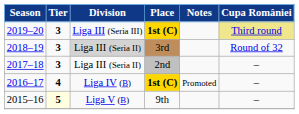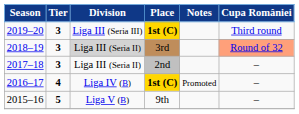 <table class="wikitable" style="text-align:center; font-size:90%">
 <tr>
 <th style="background:#0f3887;color:#ffffff;border:1px solid #5ba1dc;">Season</th>
 <th style="background:#0f3887;color:#ffffff;border:1px solid #5ba1dc;">Tier</th>
 <th style="background:#0f3887;color:#ffffff;border:1px solid #5ba1dc;">Division</th>
 <th style="background:#0f3887;color:#ffffff;border:1px solid #5ba1dc;">Place</th>
 <th style="background:#0f3887;color:#ffffff;border:1px solid #5ba1dc;">Notes</th>
 <th style="background:#0f3887;color:#ffffff;border:1px solid #5ba1dc;">Cupa României</th>
 </tr>
 <tr>
 <td><a href='#'>2019–20</a></td>
 <td><strong>3</strong></td>
 <td><a href='#'>Liga III</a> <small>(Seria III)</small></td>
 <td align=center bgcolor=gold><strong>1st (C)</strong></td>
 <td></td>
-<td style="background: khaki;"><a href='#'>Third round</a></td>
+<td><a href='#'>Third round</a></td>
 </tr>
 <tr>
 <td><a href='#'>2018–19</a></td>
 <td><strong>3</strong></td>
 <td style="background: lightgrey;">Liga III <small>(Seria II)</small></td>
 <td align=center bgcolor=#BF8D5B>3rd</td>
 <td></td>
-<td><a href='#'>Round of 32</a></td>
+<td style="background: lightsalmon;"><a href='#'>Round of 32</a></td>
 </tr>
 <tr>
 <td><a href='#'>2017–18</a></td>
 <td><strong>3</strong></td>
 <td>Liga III <small>(Seria II)</small></td>
 <td align=center bgcolor=silver>2nd</td>
 <td></td>
 <td>–</td>
 </tr>
 <tr>
 <td><a href='#'>2016–17</a></td>
 <td><strong>4</strong></td>
 <td><a href='#'>Liga IV</a> <small>(<a href='#'>B</a>)</small></td>
 <td align=center bgcolor=gold><strong>1st</strong> <strong>(C)</strong></td>
 <td><small>Promoted</small></td>
 <td>–</td>
 </tr>
 <tr>
 <td>2015–16</td>
-<td style="background: lightyellow;"><strong>5</strong></td>
+<td><strong>5</strong></td>
 <td><a href='#'>Liga V</a> <small>(<a href='#'>B</a>)</small></td>
 <td>9th</td>
 <td></td>
 <td>–</td>
 </tr>
 <tr>
 </tr>
 </table>
